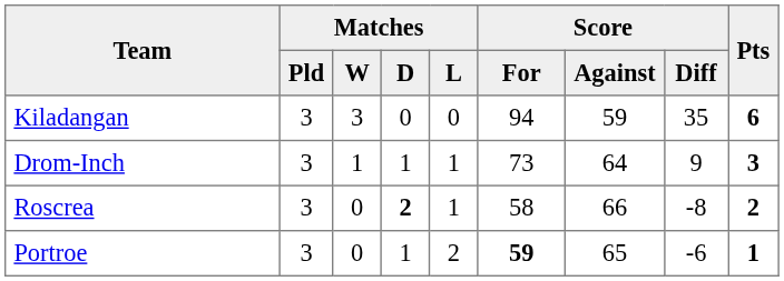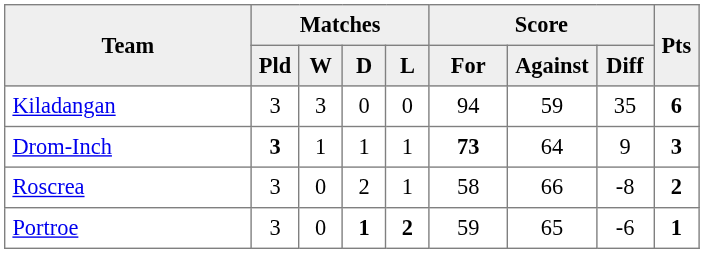 <table style=border-collapse:collapse border=1 cellspacing=0 cellpadding=5>
 <tr align=center bgcolor=#efefef>
 <th rowspan=2 width=165>Team</th>
 <th colspan=4>Matches</th>
 <th colspan=3>Score</th>
 <th rowspan=2width=20>Pts</th>
 </tr>
 <tr align=center bgcolor=#efefef>
 <th width=20>Pld</th>
 <th width=20>W</th>
 <th width=20>D</th>
 <th width=20>L</th>
 <th width=45>For</th>
 <th width=45>Against</th>
 <th width=30>Diff</th>
 </tr>
 <tr align=center>
 <td style="text-align:left;"><a href='#'>Kiladangan</a></td>
 <td>3</td>
 <td>3</td>
 <td>0</td>
 <td>0</td>
 <td>94</td>
 <td>59</td>
 <td>35</td>
 <td><strong>6</strong></td>
 </tr>
 <tr align=center>
 <td style="text-align:left;"><a href='#'>Drom-Inch</a></td>
-<td>3</td>
+<td><strong>3</strong></td>
 <td>1</td>
 <td>1</td>
 <td>1</td>
-<td>73</td>
+<td><strong>73</strong></td>
 <td>64</td>
 <td>9</td>
 <td><strong>3</strong></td>
 </tr>
 <tr align=center>
 <td style="text-align:left;"><a href='#'>Roscrea</a></td>
 <td>3</td>
 <td>0</td>
-<td><strong>2</strong></td>
+<td>2</td>
 <td>1</td>
 <td>58</td>
 <td>66</td>
 <td>-8</td>
 <td><strong>2</strong></td>
 </tr>
 <tr align=center>
 <td style="text-align:left;"><a href='#'>Portroe</a></td>
 <td>3</td>
 <td>0</td>
-<td>1</td>
-<td>2</td>
-<td><strong>59</strong></td>
+<td><strong>1</strong></td>
+<td><strong>2</strong></td>
+<td>59</td>
 <td>65</td>
 <td>-6</td>
 <td><strong>1</strong></td>
 </tr>
 </table>
